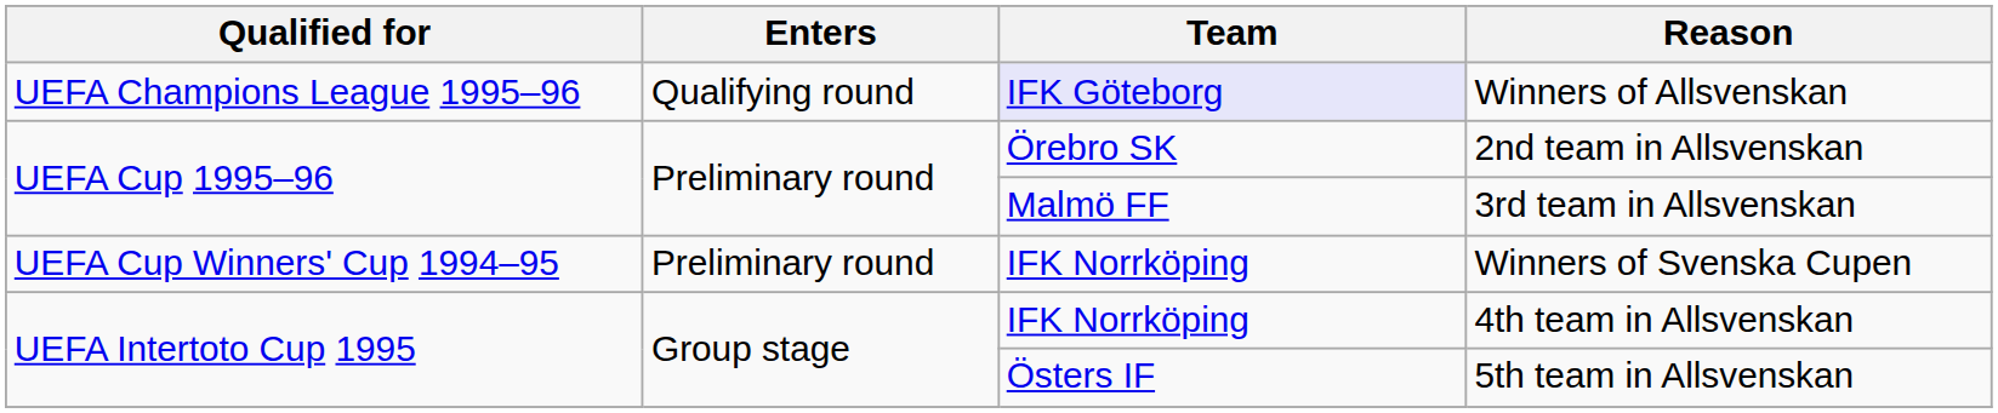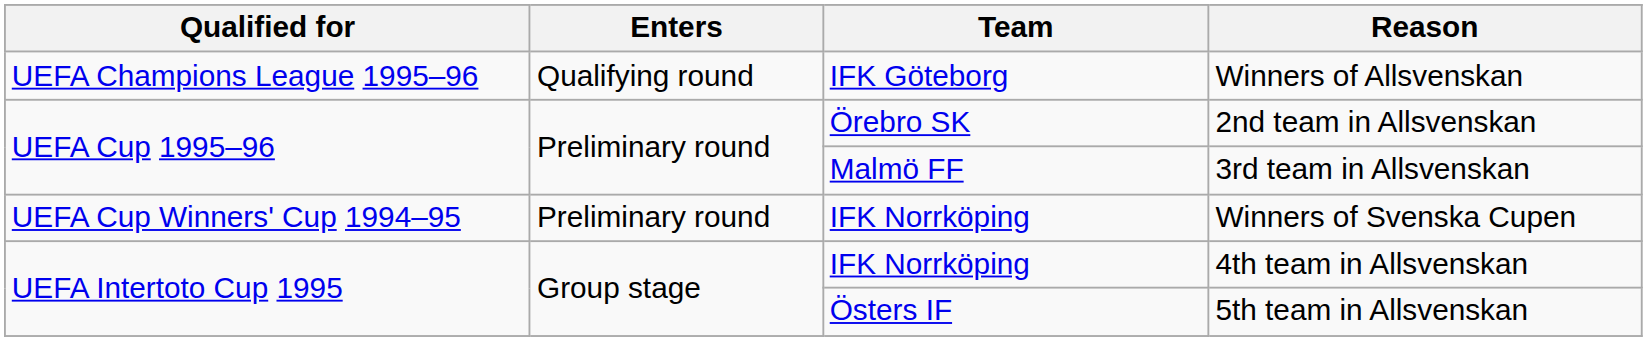 <table class="wikitable" style="text-align: left">
 <tr>
 <th style="width: 275px;">Qualified for</th>
 <th style="width: 150px;">Enters</th>
 <th style="width: 200px;">Team</th>
 <th style="width: 225px;">Reason</th>
 </tr>
 <tr>
 <td><a href='#'>UEFA Champions League</a> <a href='#'>1995–96</a></td>
 <td>Qualifying round</td>
-<td style="background: lavender;"><a href='#'>IFK Göteborg</a></td>
+<td><a href='#'>IFK Göteborg</a></td>
 <td>Winners of Allsvenskan</td>
 </tr>
 <tr>
 <td rowspan=2><a href='#'>UEFA Cup</a> <a href='#'>1995–96</a></td>
 <td rowspan=2>Preliminary round</td>
 <td><a href='#'>Örebro SK</a></td>
 <td>2nd team in Allsvenskan</td>
 </tr>
 <tr>
 <td><a href='#'>Malmö FF</a></td>
 <td>3rd team in Allsvenskan</td>
 </tr>
 <tr>
 <td><a href='#'>UEFA Cup Winners' Cup</a> <a href='#'>1994–95</a></td>
 <td>Preliminary round</td>
 <td><a href='#'>IFK Norrköping</a></td>
 <td>Winners of Svenska Cupen</td>
 </tr>
 <tr>
 <td rowspan=2><a href='#'>UEFA Intertoto Cup</a> <a href='#'>1995</a></td>
 <td rowspan=2>Group stage</td>
 <td><a href='#'>IFK Norrköping</a></td>
 <td>4th team in Allsvenskan</td>
 </tr>
 <tr>
 <td><a href='#'>Östers IF</a></td>
 <td>5th team in Allsvenskan</td>
 </tr>
 </table>
